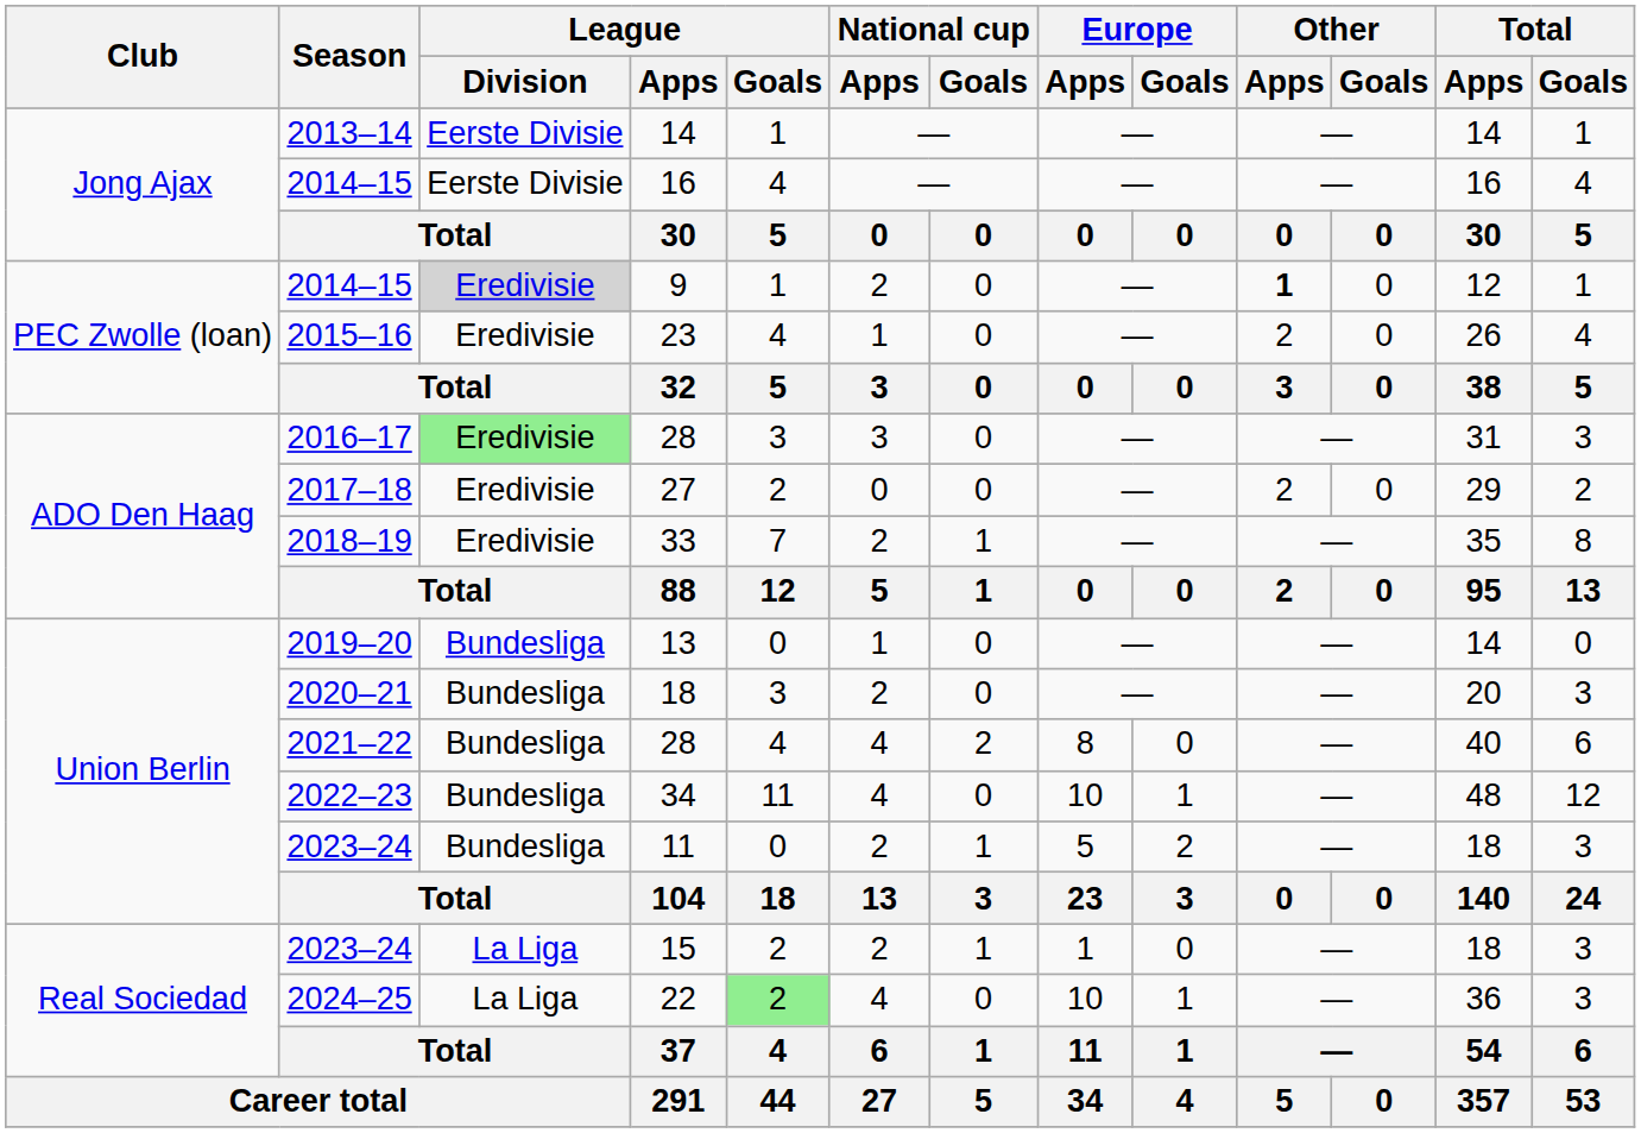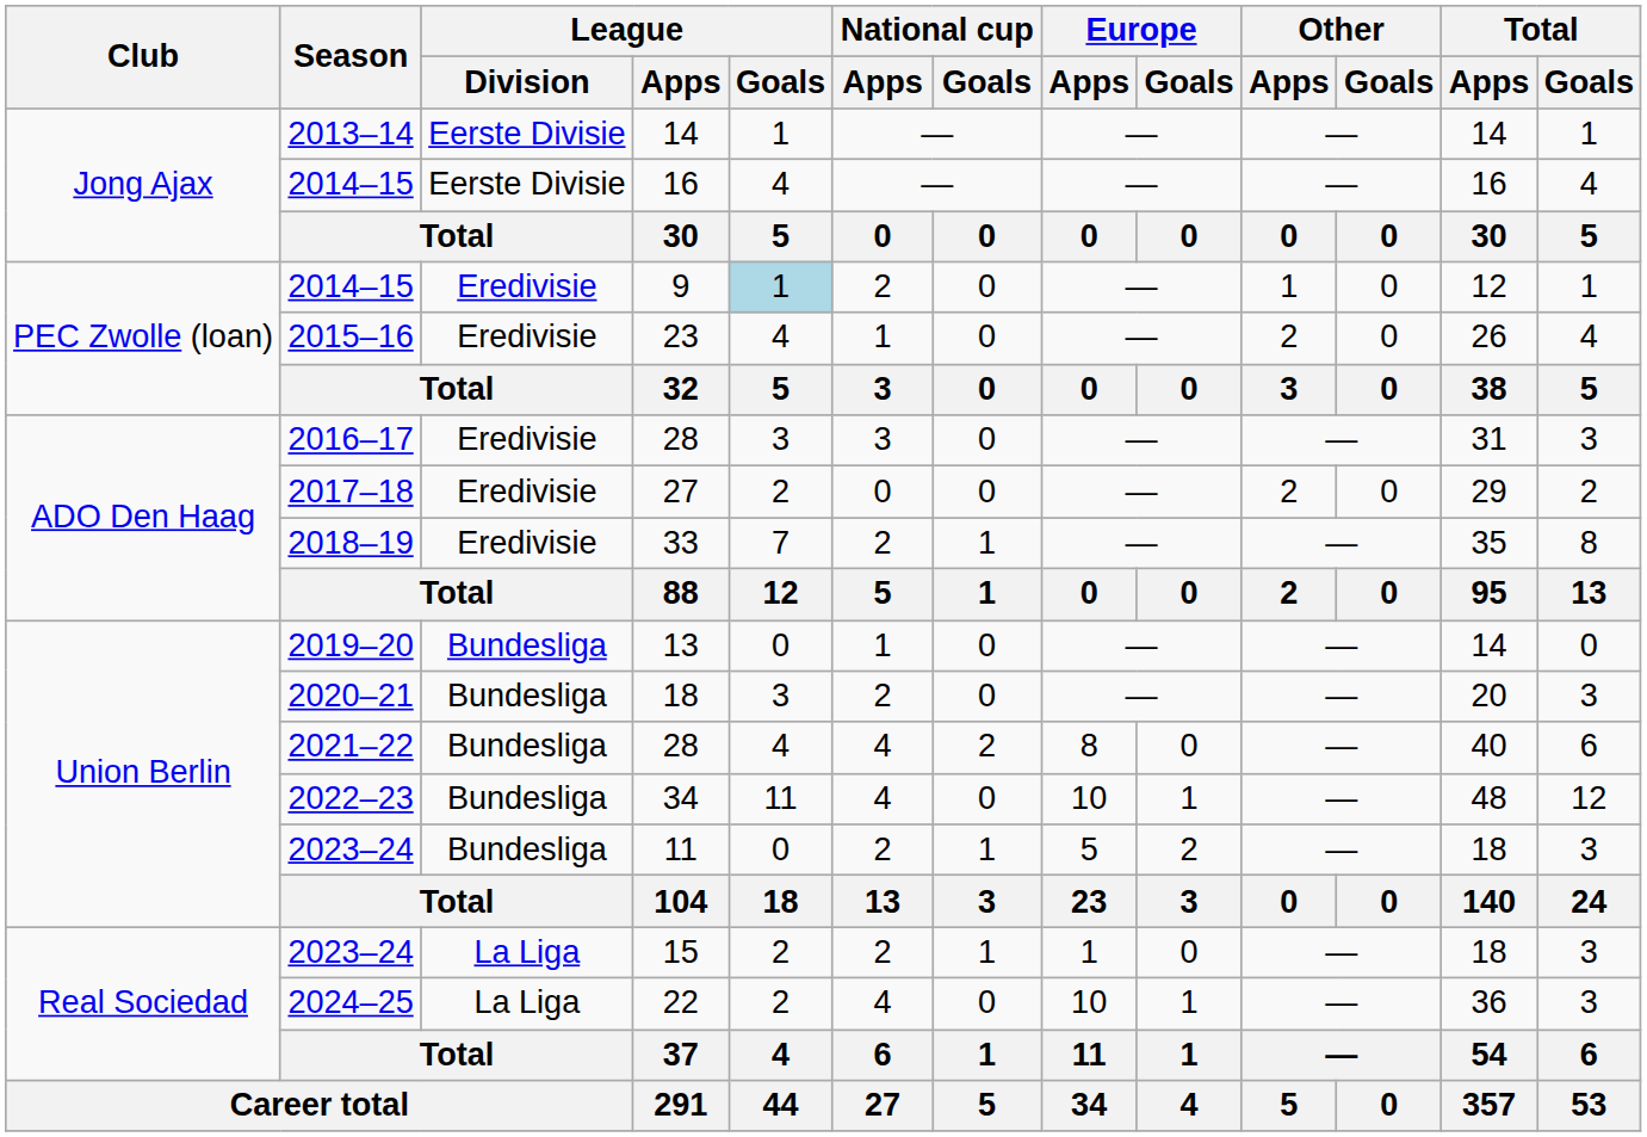 <table class="wikitable" style="text-align: center;">
 <tr>
 <th rowspan="2">Club</th>
 <th rowspan="2">Season</th>
 <th colspan="3">League</th>
 <th colspan="2">National cup</th>
 <th colspan="2"><a href='#'>Europe</a></th>
 <th colspan="2">Other</th>
 <th colspan="2">Total</th>
 </tr>
 <tr>
 <th>Division</th>
 <th>Apps</th>
 <th>Goals</th>
 <th>Apps</th>
 <th>Goals</th>
 <th>Apps</th>
 <th>Goals</th>
 <th>Apps</th>
 <th>Goals</th>
 <th>Apps</th>
 <th>Goals</th>
 </tr>
 <tr>
 <td rowspan="3"><a href='#'>Jong Ajax</a></td>
 <td><a href='#'>2013–14</a></td>
 <td><a href='#'>Eerste Divisie</a></td>
 <td>14</td>
 <td>1</td>
 <td colspan="2">—</td>
 <td colspan="2">—</td>
 <td colspan="2">—</td>
 <td>14</td>
 <td>1</td>
 </tr>
 <tr>
 <td><a href='#'>2014–15</a></td>
 <td>Eerste Divisie</td>
 <td>16</td>
 <td>4</td>
 <td colspan="2">—</td>
 <td colspan="2">—</td>
 <td colspan="2">—</td>
 <td>16</td>
 <td>4</td>
 </tr>
 <tr>
 <th colspan="2">Total</th>
 <th>30</th>
 <th>5</th>
 <th>0</th>
 <th>0</th>
 <th>0</th>
 <th>0</th>
 <th>0</th>
 <th>0</th>
 <th>30</th>
 <th>5</th>
 </tr>
 <tr>
 <td rowspan="3"><a href='#'>PEC Zwolle</a> (loan)</td>
 <td><a href='#'>2014–15</a></td>
-<td style="background: lightgrey;"><a href='#'>Eredivisie</a></td>
+<td><a href='#'>Eredivisie</a></td>
 <td>9</td>
-<td>1</td>
+<td style="background: lightblue;">1</td>
 <td>2</td>
 <td>0</td>
 <td colspan="2">—</td>
-<td><strong>1</strong></td>
+<td>1</td>
 <td>0</td>
 <td>12</td>
 <td>1</td>
 </tr>
 <tr>
 <td><a href='#'>2015–16</a></td>
 <td>Eredivisie</td>
 <td>23</td>
 <td>4</td>
 <td>1</td>
 <td>0</td>
 <td colspan="2">—</td>
 <td>2</td>
 <td>0</td>
 <td>26</td>
 <td>4</td>
 </tr>
 <tr>
 <th colspan="2">Total</th>
 <th>32</th>
 <th>5</th>
 <th>3</th>
 <th>0</th>
 <th>0</th>
 <th>0</th>
 <th>3</th>
 <th>0</th>
 <th>38</th>
 <th>5</th>
 </tr>
 <tr>
 <td rowspan="4"><a href='#'>ADO Den Haag</a></td>
 <td><a href='#'>2016–17</a></td>
-<td style="background: lightgreen;">Eredivisie</td>
+<td>Eredivisie</td>
 <td>28</td>
 <td>3</td>
 <td>3</td>
 <td>0</td>
 <td colspan="2">—</td>
 <td colspan="2">—</td>
 <td>31</td>
 <td>3</td>
 </tr>
 <tr>
 <td><a href='#'>2017–18</a></td>
 <td>Eredivisie</td>
 <td>27</td>
 <td>2</td>
 <td>0</td>
 <td>0</td>
 <td colspan="2">—</td>
 <td>2</td>
 <td>0</td>
 <td>29</td>
 <td>2</td>
 </tr>
 <tr>
 <td><a href='#'>2018–19</a></td>
 <td>Eredivisie</td>
 <td>33</td>
 <td>7</td>
 <td>2</td>
 <td>1</td>
 <td colspan="2">—</td>
 <td colspan="2">—</td>
 <td>35</td>
 <td>8</td>
 </tr>
 <tr>
 <th colspan="2">Total</th>
 <th>88</th>
 <th>12</th>
 <th>5</th>
 <th>1</th>
 <th>0</th>
 <th>0</th>
 <th>2</th>
 <th>0</th>
 <th>95</th>
 <th>13</th>
 </tr>
 <tr>
 <td rowspan="6"><a href='#'>Union Berlin</a></td>
 <td><a href='#'>2019–20</a></td>
 <td><a href='#'>Bundesliga</a></td>
 <td>13</td>
 <td>0</td>
 <td>1</td>
 <td>0</td>
 <td colspan="2">—</td>
 <td colspan="2">—</td>
 <td>14</td>
 <td>0</td>
 </tr>
 <tr>
 <td><a href='#'>2020–21</a></td>
 <td>Bundesliga</td>
 <td>18</td>
 <td>3</td>
 <td>2</td>
 <td>0</td>
 <td colspan="2">—</td>
 <td colspan="2">—</td>
 <td>20</td>
 <td>3</td>
 </tr>
 <tr>
 <td><a href='#'>2021–22</a></td>
 <td>Bundesliga</td>
 <td>28</td>
 <td>4</td>
 <td>4</td>
 <td>2</td>
 <td>8</td>
 <td>0</td>
 <td colspan="2">—</td>
 <td>40</td>
 <td>6</td>
 </tr>
 <tr>
 <td><a href='#'>2022–23</a></td>
 <td>Bundesliga</td>
 <td>34</td>
 <td>11</td>
 <td>4</td>
 <td>0</td>
 <td>10</td>
 <td>1</td>
 <td colspan="2">—</td>
 <td>48</td>
 <td>12</td>
 </tr>
 <tr>
 <td><a href='#'>2023–24</a></td>
 <td>Bundesliga</td>
 <td>11</td>
 <td>0</td>
 <td>2</td>
 <td>1</td>
 <td>5</td>
 <td>2</td>
 <td colspan="2">—</td>
 <td>18</td>
 <td>3</td>
 </tr>
 <tr>
 <th colspan="2">Total</th>
 <th>104</th>
 <th>18</th>
 <th>13</th>
 <th>3</th>
 <th>23</th>
 <th>3</th>
 <th>0</th>
 <th>0</th>
 <th>140</th>
 <th>24</th>
 </tr>
 <tr>
 <td rowspan="3"><a href='#'>Real Sociedad</a></td>
 <td><a href='#'>2023–24</a></td>
 <td><a href='#'>La Liga</a></td>
 <td>15</td>
 <td>2</td>
 <td>2</td>
 <td>1</td>
 <td>1</td>
 <td>0</td>
 <td colspan="2">—</td>
 <td>18</td>
 <td>3</td>
 </tr>
 <tr>
 <td><a href='#'>2024–25</a></td>
 <td>La Liga</td>
 <td>22</td>
-<td style="background: lightgreen;">2</td>
+<td>2</td>
 <td>4</td>
 <td>0</td>
 <td>10</td>
 <td>1</td>
 <td colspan="2">—</td>
 <td>36</td>
 <td>3</td>
 </tr>
 <tr>
 <th colspan="2">Total</th>
 <th>37</th>
 <th>4</th>
 <th>6</th>
 <th>1</th>
 <th>11</th>
 <th>1</th>
 <th colspan="2">—</th>
 <th>54</th>
 <th>6</th>
 </tr>
 <tr>
 <th colspan="3">Career total</th>
 <th>291</th>
 <th>44</th>
 <th>27</th>
 <th>5</th>
 <th>34</th>
 <th>4</th>
 <th>5</th>
 <th>0</th>
 <th>357</th>
 <th>53</th>
 </tr>
 </table>
